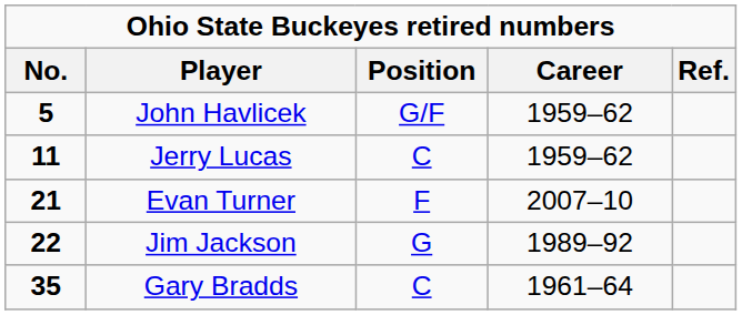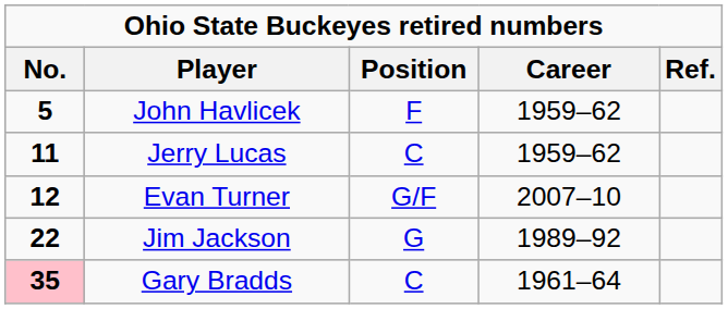 <table class="wikitable sortable" style="text-align:center">
 <tr>
 <td colspan="6"><strong>Ohio State Buckeyes retired numbers</strong></td>
 </tr>
 <tr>
 <th width=40px>No.</th>
 <th width=150px>Player</th>
 <th width=70px>Position</th>
 <th width=100px>Career</th>
 <th width=px>Ref.</th>
 </tr>
 <tr>
 <td><strong>5</strong></td>
 <td><a href='#'>John Havlicek</a></td>
-<td><a href='#'>G/F</a></td>
+<td><a href='#'>F</a></td>
 <td>1959–62</td>
 <td></td>
 </tr>
 <tr>
 <td><strong>11</strong></td>
 <td><a href='#'>Jerry Lucas</a></td>
 <td><a href='#'>C</a></td>
 <td>1959–62</td>
 <td></td>
 </tr>
 <tr>
-<td><strong>21</strong></td>
+<td><strong>12</strong></td>
 <td><a href='#'>Evan Turner</a></td>
-<td><a href='#'>F</a></td>
+<td><a href='#'>G/F</a></td>
 <td>2007–10</td>
 <td></td>
 </tr>
 <tr>
 <td><strong>22</strong></td>
 <td><a href='#'>Jim Jackson</a></td>
 <td><a href='#'>G</a></td>
 <td>1989–92</td>
 <td></td>
 </tr>
 <tr>
-<td><strong>35</strong></td>
+<td style="background: pink;"><strong>35</strong></td>
 <td><a href='#'>Gary Bradds</a></td>
 <td><a href='#'>C</a></td>
 <td>1961–64</td>
 <td></td>
 </tr>
 </table>
